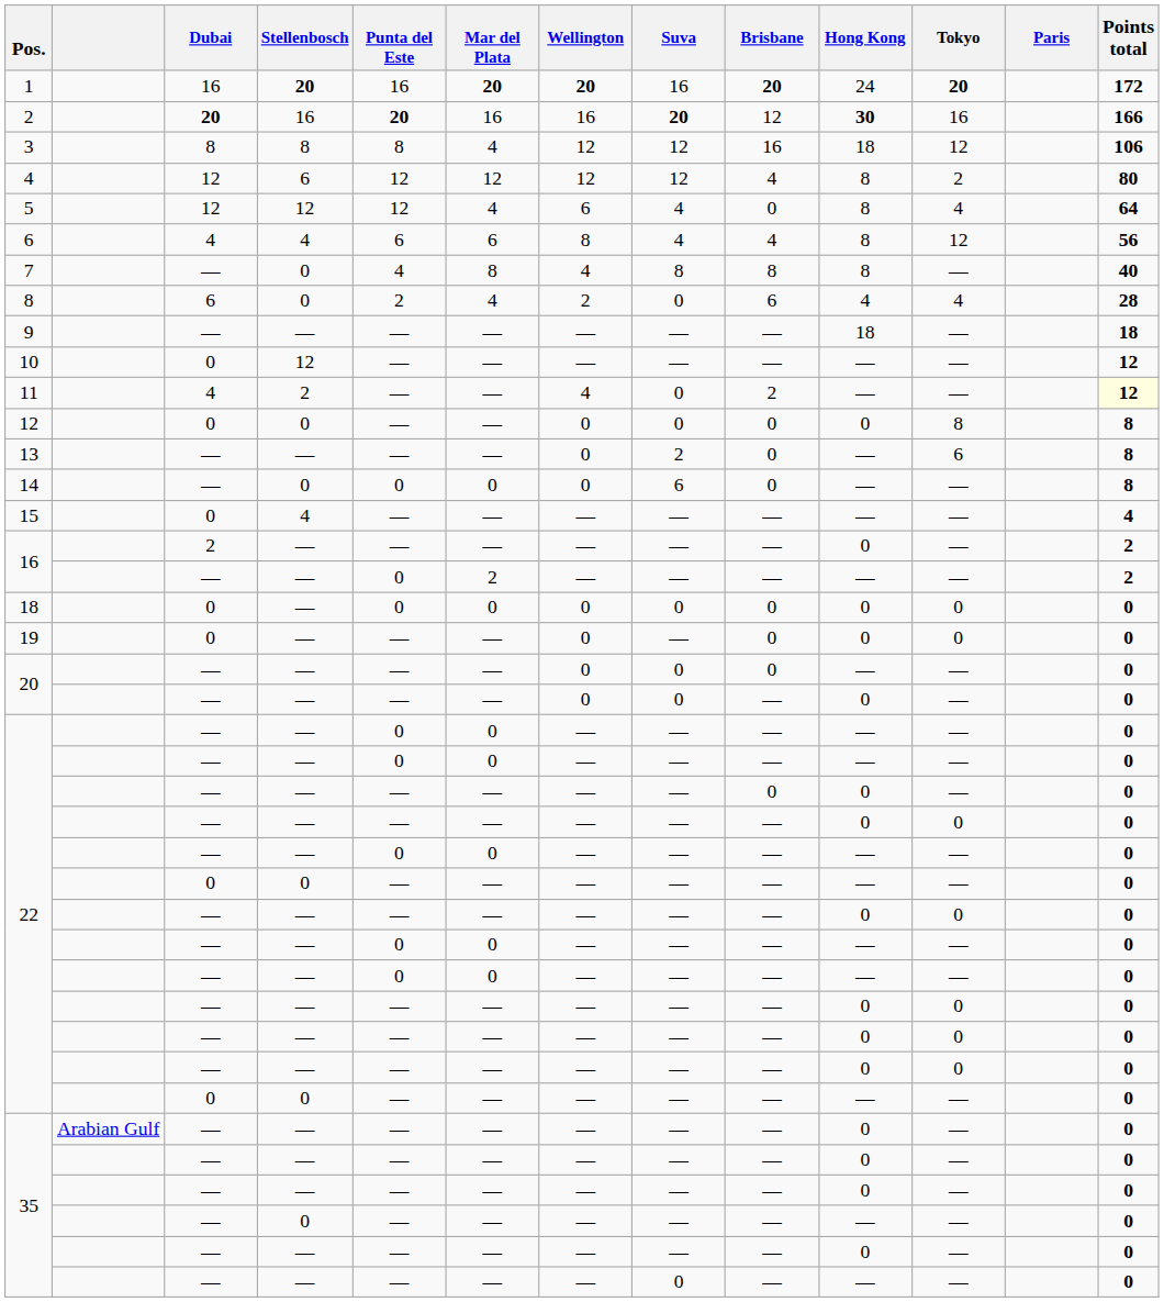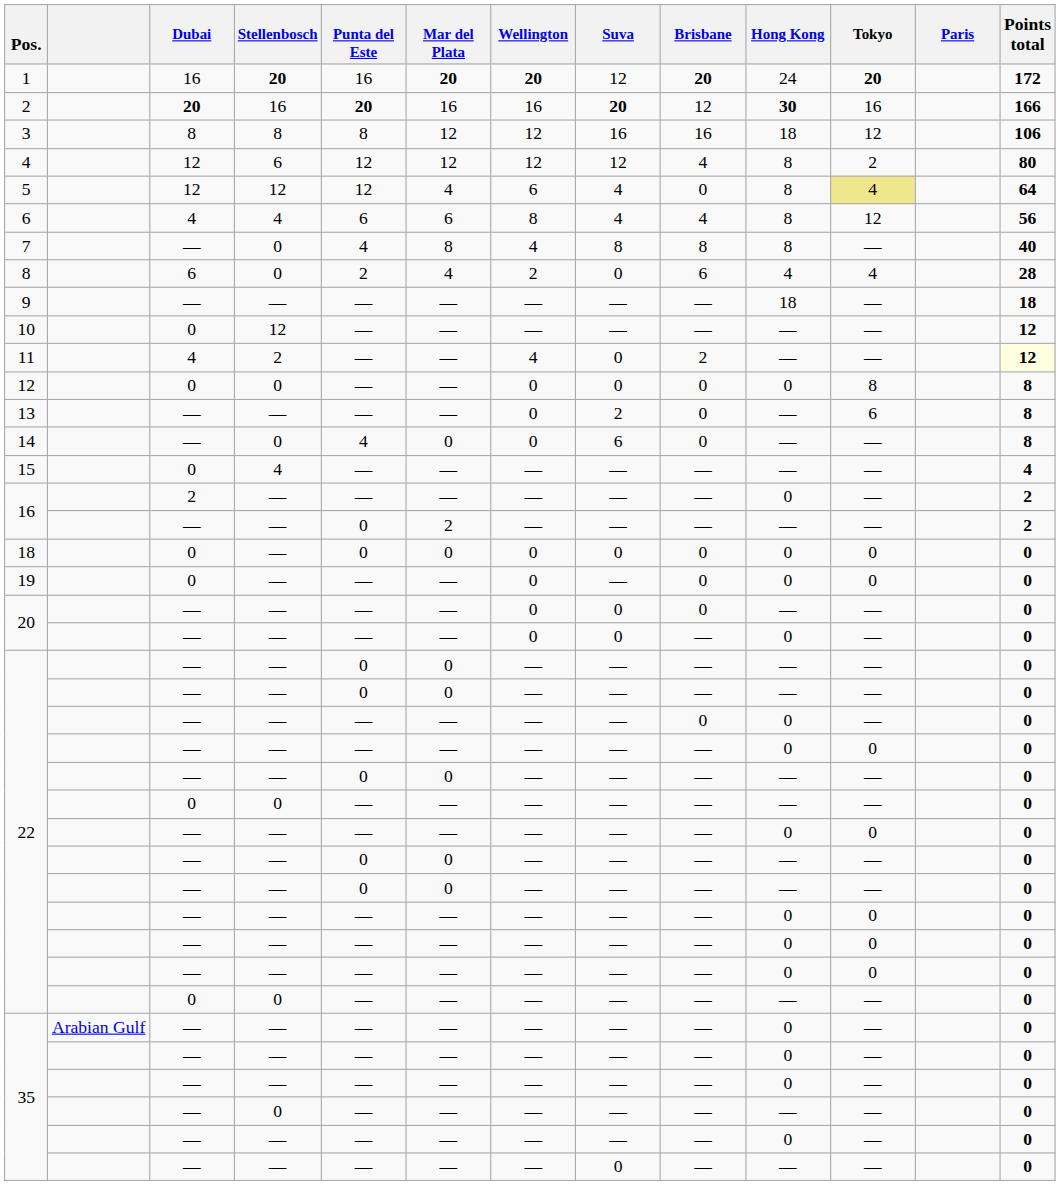 <table class="wikitable" style="text-align:center;">
 <tr>
 <th style="width:2em;"><br>Pos.</th>
 <th></th>
 <th style="width:5.2em; vertical-align:top; font-size:85%;"><br><a href='#'>Dubai</a></th>
 <th style="width:5.2em; vertical-align:top; font-size:85%;"><br><a href='#'>Stellenbosch</a></th>
 <th style="width:5.2em; vertical-align:top; font-size:85%;"><br><a href='#'>Punta del Este</a></th>
 <th style="width:5.2em; vertical-align:top; font-size:85%;"><br><a href='#'>Mar del Plata</a></th>
 <th style="width:5.2em; vertical-align:top; font-size:85%;"><br><a href='#'>Wellington</a></th>
 <th style="width:5.2em; vertical-align:top; font-size:85%;"><br><a href='#'>Suva</a></th>
 <th style="width:5.2em; vertical-align:top; font-size:85%;"><br><a href='#'>Brisbane</a></th>
 <th style="width:5.2em; vertical-align:top; font-size:85%;"><br><a href='#'>Hong Kong</a></th>
 <th style="width:5.2em; vertical-align:top; font-size:85%;"><br>Tokyo</th>
 <th style="width:5.2em; vertical-align:top; font-size:85%;"><br><a href='#'>Paris</a></th>
 <th>Points<br>total</th>
 </tr>
 <tr>
 <td>1</td>
 <td align=left></td>
 <td>16</td>
 <td><strong>20</strong></td>
 <td>16</td>
 <td><strong>20</strong></td>
 <td><strong>20</strong></td>
-<td>16</td>
+<td>12</td>
 <td><strong>20</strong></td>
 <td>24</td>
 <td><strong>20</strong></td>
 <td></td>
 <td><strong>172</strong></td>
 </tr>
 <tr>
 <td>2</td>
 <td align=left></td>
 <td><strong>20</strong></td>
 <td>16</td>
 <td><strong>20</strong></td>
 <td>16</td>
 <td>16</td>
 <td><strong>20</strong></td>
 <td>12</td>
 <td><strong>30</strong></td>
 <td>16</td>
 <td></td>
 <td><strong>166</strong></td>
 </tr>
 <tr>
 <td>3</td>
 <td align=left></td>
 <td>8</td>
 <td>8</td>
 <td>8</td>
-<td>4</td>
 <td>12</td>
 <td>12</td>
+<td>16</td>
 <td>16</td>
 <td>18</td>
 <td>12</td>
 <td></td>
 <td><strong>106</strong></td>
 </tr>
 <tr>
 <td>4</td>
 <td align=left></td>
 <td>12</td>
 <td>6</td>
 <td>12</td>
 <td>12</td>
 <td>12</td>
 <td>12</td>
 <td>4</td>
 <td>8</td>
 <td>2</td>
 <td></td>
 <td><strong>80</strong></td>
 </tr>
 <tr>
 <td>5</td>
 <td align=left></td>
 <td>12</td>
 <td>12</td>
 <td>12</td>
 <td>4</td>
 <td>6</td>
 <td>4</td>
 <td>0 </td>
 <td>8</td>
-<td>4</td>
+<td style="background: khaki;">4</td>
 <td></td>
 <td><strong>64</strong></td>
 </tr>
 <tr>
 <td>6</td>
 <td align=left></td>
 <td>4</td>
 <td>4</td>
 <td>6</td>
 <td>6</td>
 <td>8</td>
 <td>4</td>
 <td>4</td>
 <td>8</td>
 <td>12</td>
 <td></td>
 <td><strong>56</strong></td>
 </tr>
 <tr>
 <td>7</td>
 <td align=left></td>
 <td>—</td>
 <td>0</td>
 <td>4</td>
 <td>8</td>
 <td>4</td>
 <td>8</td>
 <td>8</td>
 <td>8</td>
 <td>—</td>
 <td></td>
 <td><strong>40</strong></td>
 </tr>
 <tr>
 <td>8</td>
 <td align=left></td>
 <td>6</td>
 <td>0</td>
 <td>2</td>
 <td>4</td>
 <td>2</td>
 <td>0</td>
 <td>6</td>
 <td>4</td>
 <td>4</td>
 <td></td>
 <td><strong>28</strong></td>
 </tr>
 <tr>
 <td>9</td>
 <td align=left></td>
 <td>—</td>
 <td>—</td>
 <td>—</td>
 <td>—</td>
 <td>—</td>
 <td>—</td>
 <td>—</td>
 <td>18</td>
 <td>—</td>
 <td></td>
 <td><strong>18</strong></td>
 </tr>
 <tr>
 <td>10</td>
 <td align=left></td>
 <td>0</td>
 <td>12</td>
 <td>—</td>
 <td>—</td>
 <td>—</td>
 <td>—</td>
 <td>—</td>
 <td>—</td>
 <td>—</td>
 <td></td>
 <td><strong>12</strong></td>
 </tr>
 <tr>
 <td>11</td>
 <td align=left></td>
 <td>4</td>
 <td>2</td>
 <td>—</td>
 <td>—</td>
 <td>4</td>
 <td>0</td>
 <td>2</td>
 <td>—</td>
 <td>—</td>
 <td></td>
 <td style="background: lightyellow;"><strong>12</strong></td>
 </tr>
 <tr>
 <td>12</td>
 <td align=left></td>
 <td>0</td>
 <td>0</td>
 <td>—</td>
 <td>—</td>
 <td>0</td>
 <td>0</td>
 <td>0</td>
 <td>0</td>
 <td>8</td>
 <td></td>
 <td><strong>8</strong></td>
 </tr>
 <tr>
 <td>13</td>
 <td align=left></td>
 <td>—</td>
 <td>—</td>
 <td>—</td>
 <td>—</td>
 <td>0</td>
 <td>2</td>
 <td>0</td>
 <td>—</td>
 <td>6</td>
 <td></td>
 <td><strong>8</strong></td>
 </tr>
 <tr>
 <td>14</td>
 <td align=left></td>
 <td>—</td>
 <td>0</td>
-<td>0</td>
+<td>4</td>
 <td>0</td>
 <td>0</td>
 <td>6</td>
 <td>0</td>
 <td>—</td>
 <td>—</td>
 <td></td>
 <td><strong>8</strong></td>
 </tr>
 <tr>
 <td>15</td>
 <td align=left></td>
 <td>0</td>
 <td>4</td>
 <td>—</td>
 <td>—</td>
 <td>—</td>
 <td>—</td>
 <td>—</td>
 <td>—</td>
 <td>—</td>
 <td></td>
 <td><strong>4</strong></td>
 </tr>
 <tr>
 <td rowspan=2>16</td>
 <td align=left></td>
 <td>2</td>
 <td>—</td>
 <td>—</td>
 <td>—</td>
 <td>—</td>
 <td>—</td>
 <td>—</td>
 <td>0</td>
 <td>—</td>
 <td></td>
 <td><strong>2</strong></td>
 </tr>
 <tr>
 <td align=left></td>
 <td>—</td>
 <td>—</td>
 <td>0</td>
 <td>2</td>
 <td>—</td>
 <td>—</td>
 <td>—</td>
 <td>—</td>
 <td>—</td>
 <td></td>
 <td><strong>2</strong></td>
 </tr>
 <tr>
 <td>18</td>
 <td align=left></td>
 <td>0</td>
 <td>—</td>
 <td>0</td>
 <td>0</td>
 <td>0</td>
 <td>0</td>
 <td>0</td>
 <td>0</td>
 <td>0</td>
 <td></td>
 <td><strong>0</strong></td>
 </tr>
 <tr>
 <td>19</td>
 <td align=left></td>
 <td>0</td>
 <td>—</td>
 <td>—</td>
 <td>—</td>
 <td>0</td>
 <td>—</td>
 <td>0</td>
 <td>0</td>
 <td>0</td>
 <td></td>
 <td><strong>0</strong></td>
 </tr>
 <tr>
 <td rowspan=2>20</td>
 <td align=left></td>
 <td>—</td>
 <td>—</td>
 <td>—</td>
 <td>—</td>
 <td>0</td>
 <td>0</td>
 <td>0</td>
 <td>—</td>
 <td>—</td>
 <td></td>
 <td><strong>0</strong></td>
 </tr>
 <tr>
 <td align=left></td>
 <td>—</td>
 <td>—</td>
 <td>—</td>
 <td>—</td>
 <td>0</td>
 <td>0</td>
 <td>—</td>
 <td>0</td>
 <td>—</td>
 <td></td>
 <td><strong>0</strong></td>
 </tr>
 <tr>
 <td rowspan=13>22</td>
 <td align=left></td>
 <td>—</td>
 <td>—</td>
 <td>0</td>
 <td>0</td>
 <td>—</td>
 <td>—</td>
 <td>—</td>
 <td>—</td>
 <td>—</td>
 <td></td>
 <td><strong>0</strong></td>
 </tr>
 <tr>
 <td align=left></td>
 <td>—</td>
 <td>—</td>
 <td>0</td>
 <td>0</td>
 <td>—</td>
 <td>—</td>
 <td>—</td>
 <td>—</td>
 <td>—</td>
 <td></td>
 <td><strong>0</strong></td>
 </tr>
 <tr>
 <td align=left></td>
 <td>—</td>
 <td>—</td>
 <td>—</td>
 <td>—</td>
 <td>—</td>
 <td>—</td>
 <td>0</td>
 <td>0</td>
 <td>—</td>
 <td></td>
 <td><strong>0</strong></td>
 </tr>
 <tr>
 <td align=left></td>
 <td>—</td>
 <td>—</td>
 <td>—</td>
 <td>—</td>
 <td>—</td>
 <td>—</td>
 <td>—</td>
 <td>0</td>
 <td>0</td>
 <td></td>
 <td><strong>0</strong></td>
 </tr>
 <tr>
 <td align=left></td>
 <td>—</td>
 <td>—</td>
 <td>0</td>
 <td>0</td>
 <td>—</td>
 <td>—</td>
 <td>—</td>
 <td>—</td>
 <td>—</td>
 <td></td>
 <td><strong>0</strong></td>
 </tr>
 <tr>
 <td align=left></td>
 <td>0</td>
 <td>0</td>
 <td>—</td>
 <td>—</td>
 <td>—</td>
 <td>—</td>
 <td>—</td>
 <td>—</td>
 <td>—</td>
 <td></td>
 <td><strong>0</strong></td>
 </tr>
 <tr>
 <td align=left></td>
 <td>—</td>
 <td>—</td>
 <td>—</td>
 <td>—</td>
 <td>—</td>
 <td>—</td>
 <td>—</td>
 <td>0</td>
 <td>0</td>
 <td></td>
 <td><strong>0</strong></td>
 </tr>
 <tr>
 <td align=left></td>
 <td>—</td>
 <td>—</td>
 <td>0</td>
 <td>0</td>
 <td>—</td>
 <td>—</td>
 <td>—</td>
 <td>—</td>
 <td>—</td>
 <td></td>
 <td><strong>0</strong></td>
 </tr>
 <tr>
 <td align=left></td>
 <td>—</td>
 <td>—</td>
 <td>0</td>
 <td>0</td>
 <td>—</td>
 <td>—</td>
 <td>—</td>
 <td>—</td>
 <td>—</td>
 <td></td>
 <td><strong>0</strong></td>
 </tr>
 <tr>
 <td align=left></td>
 <td>—</td>
 <td>—</td>
 <td>—</td>
 <td>—</td>
 <td>—</td>
 <td>—</td>
 <td>—</td>
 <td>0</td>
 <td>0</td>
 <td></td>
 <td><strong>0</strong></td>
 </tr>
 <tr>
 <td align=left></td>
 <td>—</td>
 <td>—</td>
 <td>—</td>
 <td>—</td>
 <td>—</td>
 <td>—</td>
 <td>—</td>
 <td>0</td>
 <td>0</td>
 <td></td>
 <td><strong>0</strong></td>
 </tr>
 <tr>
 <td align=left></td>
 <td>—</td>
 <td>—</td>
 <td>—</td>
 <td>—</td>
 <td>—</td>
 <td>—</td>
 <td>—</td>
 <td>0</td>
 <td>0</td>
 <td></td>
 <td><strong>0</strong></td>
 </tr>
 <tr>
 <td align=left></td>
 <td>0</td>
 <td>0</td>
 <td>—</td>
 <td>—</td>
 <td>—</td>
 <td>—</td>
 <td>—</td>
 <td>—</td>
 <td>—</td>
 <td></td>
 <td><strong>0</strong></td>
 </tr>
 <tr>
 <td rowspan=6>35</td>
 <td align=left> <a href='#'>Arabian Gulf</a></td>
 <td>—</td>
 <td>—</td>
 <td>—</td>
 <td>—</td>
 <td>—</td>
 <td>—</td>
 <td>—</td>
 <td>0</td>
 <td>—</td>
 <td></td>
 <td><strong>0</strong></td>
 </tr>
 <tr>
 <td align=left></td>
 <td>—</td>
 <td>—</td>
 <td>—</td>
 <td>—</td>
 <td>—</td>
 <td>—</td>
 <td>—</td>
 <td>0</td>
 <td>—</td>
 <td></td>
 <td><strong>0</strong></td>
 </tr>
 <tr>
 <td align=left></td>
 <td>—</td>
 <td>—</td>
 <td>—</td>
 <td>—</td>
 <td>—</td>
 <td>—</td>
 <td>—</td>
 <td>0</td>
 <td>—</td>
 <td></td>
 <td><strong>0</strong></td>
 </tr>
 <tr>
 <td align=left></td>
 <td>—</td>
 <td>0</td>
 <td>—</td>
 <td>—</td>
 <td>—</td>
 <td>—</td>
 <td>—</td>
 <td>—</td>
 <td>—</td>
 <td></td>
 <td><strong>0</strong></td>
 </tr>
 <tr>
 <td align=left></td>
 <td>—</td>
 <td>—</td>
 <td>—</td>
 <td>—</td>
 <td>—</td>
 <td>—</td>
 <td>—</td>
 <td>0</td>
 <td>—</td>
 <td></td>
 <td><strong>0</strong></td>
 </tr>
 <tr>
 <td align=left></td>
 <td>—</td>
 <td>—</td>
 <td>—</td>
 <td>—</td>
 <td>—</td>
 <td>0</td>
 <td>—</td>
 <td>—</td>
 <td>—</td>
 <td></td>
 <td><strong>0</strong></td>
 </tr>
 </table>
